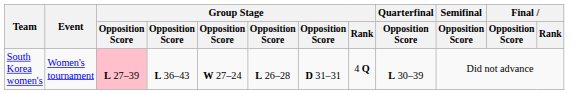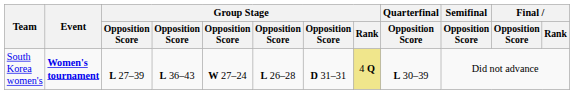 <table class="wikitable" style="font-size:90%">
 <tr>
 <th rowspan=2>Team</th>
 <th rowspan=2>Event</th>
 <th colspan=6>Group Stage</th>
 <th>Quarterfinal</th>
 <th>Semifinal</th>
 <th colspan=2>Final / </th>
 </tr>
 <tr style="font-size:95%">
 <th>Opposition<br>Score</th>
 <th>Opposition<br>Score</th>
 <th>Opposition<br>Score</th>
 <th>Opposition<br>Score</th>
 <th>Opposition<br>Score</th>
 <th>Rank</th>
 <th>Opposition<br>Score</th>
 <th>Opposition<br>Score</th>
 <th>Opposition<br>Score</th>
 <th>Rank</th>
 </tr>
 <tr style="text-align:center">
 <td style="text-align:left"><a href='#'>South Korea women's</a></td>
-<td style="text-align:left"><a href='#'>Women's tournament</a></td>
-<td style="background: pink;"><br><strong>L</strong> 27–39</td>
+<td style="text-align:left"><strong><a href='#'>Women's tournament</a></strong></td>
+<td><br><strong>L</strong> 27–39</td>
 <td><br><strong>L</strong> 36–43</td>
 <td><br><strong>W</strong> 27–24</td>
 <td><br><strong>L</strong> 26–28</td>
 <td><br><strong>D</strong> 31–31</td>
-<td>4 <strong>Q</strong></td>
+<td style="background: khaki;">4 <strong>Q</strong></td>
 <td><br><strong>L</strong> 30–39</td>
 <td colspan=3>Did not advance</td>
 </tr>
 </table>
